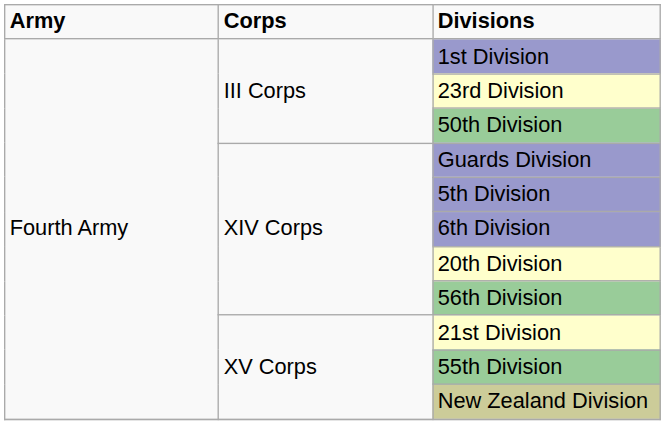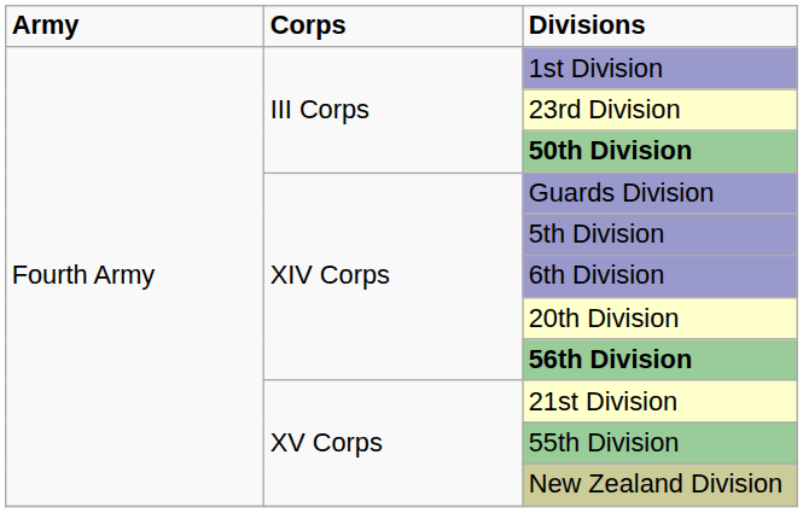 <table class="wikitable">
 <tr>
 <td width="150pt"><strong>Army</strong></td>
 <td width="150pt"><strong>Corps</strong></td>
 <td width="160pt"><strong>Divisions</strong></td>
 </tr>
 <tr>
 <td rowspan="11">Fourth Army</td>
 <td rowspan="3">III Corps</td>
 <td style="background:#9999CC">1st Division</td>
 </tr>
 <tr>
 <td style="background:#FFFFCC;">23rd Division</td>
 </tr>
 <tr>
-<td style="background:#99CC99">50th Division</td>
+<td style="background:#99CC99"><strong>50th Division</strong></td>
 </tr>
 <tr>
 <td rowspan="5">XIV Corps</td>
 <td style="background:#9999CC">Guards Division</td>
 </tr>
 <tr>
 <td style="background:#9999CC">5th Division</td>
 </tr>
 <tr>
 <td style="background:#9999CC">6th Division</td>
 </tr>
 <tr>
 <td style="background:#FFFFCC;">20th Division</td>
 </tr>
 <tr>
-<td style="background:#99CC99;">56th Division</td>
+<td style="background:#99CC99;"><strong>56th Division</strong></td>
 </tr>
 <tr>
 <td rowspan="3">XV Corps</td>
 <td style="background:#FFFFCC;">21st Division</td>
 </tr>
 <tr>
 <td style="background:#99CC99;">55th Division</td>
 </tr>
 <tr>
 <td style="background:#CCCC99;">New Zealand Division</td>
 </tr>
 <tr>
 </tr>
 </table>
